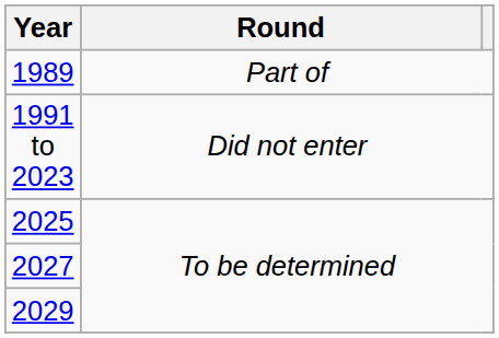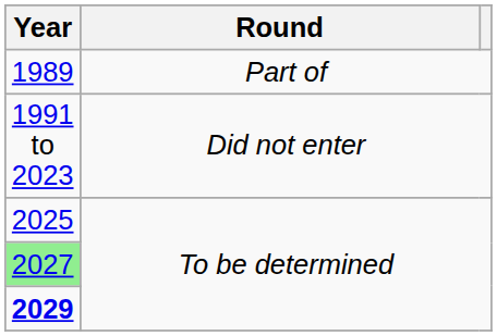 <table class="wikitable" style="text-align: center; font-size:90%">
 <tr>
 <th>Year</th>
 <th style="width:200px">Round</th>
 <th></th>
 </tr>
 <tr>
 <td><a href='#'>1989</a></td>
 <td colspan="2"><em>Part of </em></td>
 </tr>
 <tr>
 <td><a href='#'>1991</a><br>to<br><a href='#'>2023</a></td>
 <td colspan="2"><em>Did not enter</em></td>
 </tr>
 <tr>
 <td><a href='#'>2025</a></td>
 <td colspan="2" rowspan="3"><em>To be determined</em></td>
 </tr>
 <tr>
-<td><a href='#'>2027</a></td>
+<td style="background: lightgreen;"><a href='#'>2027</a></td>
 </tr>
 <tr>
-<td><a href='#'>2029</a></td>
+<td><strong><a href='#'>2029</a></strong></td>
 </tr>
 </table>
